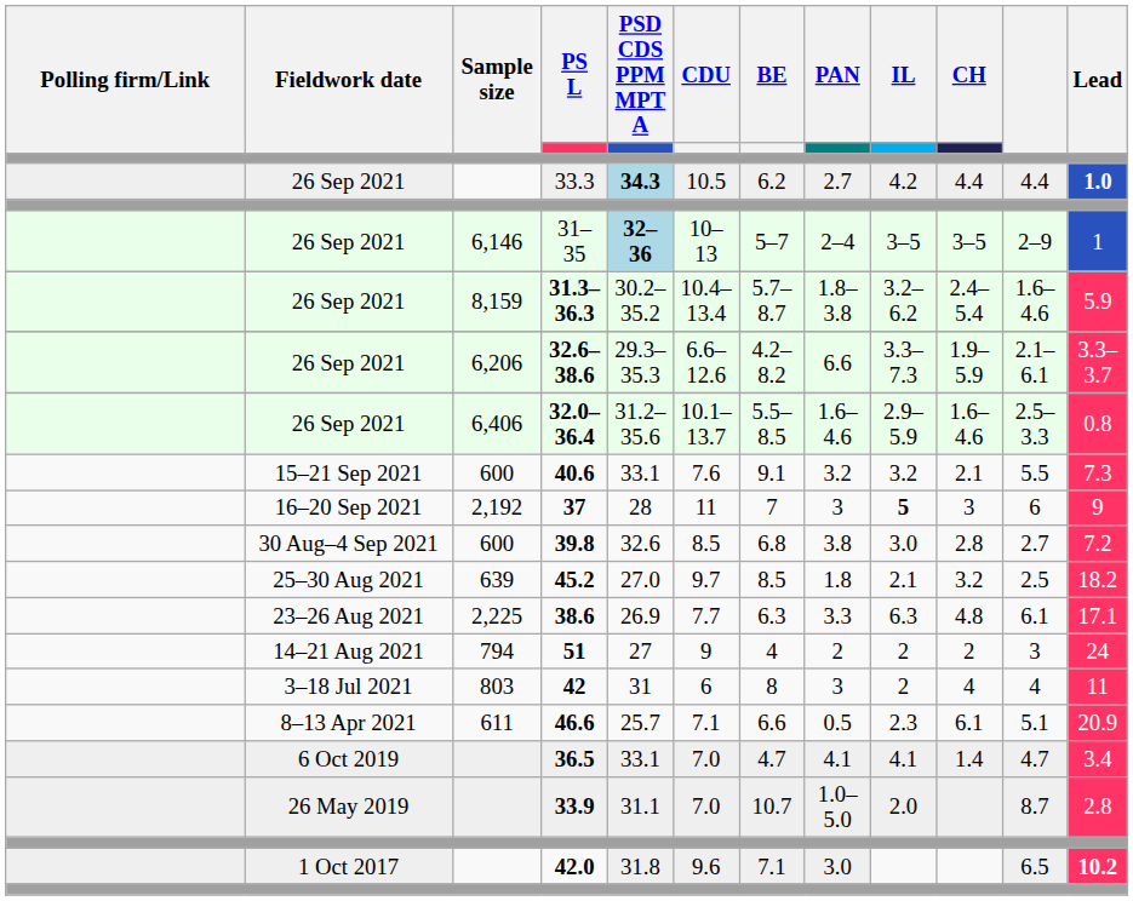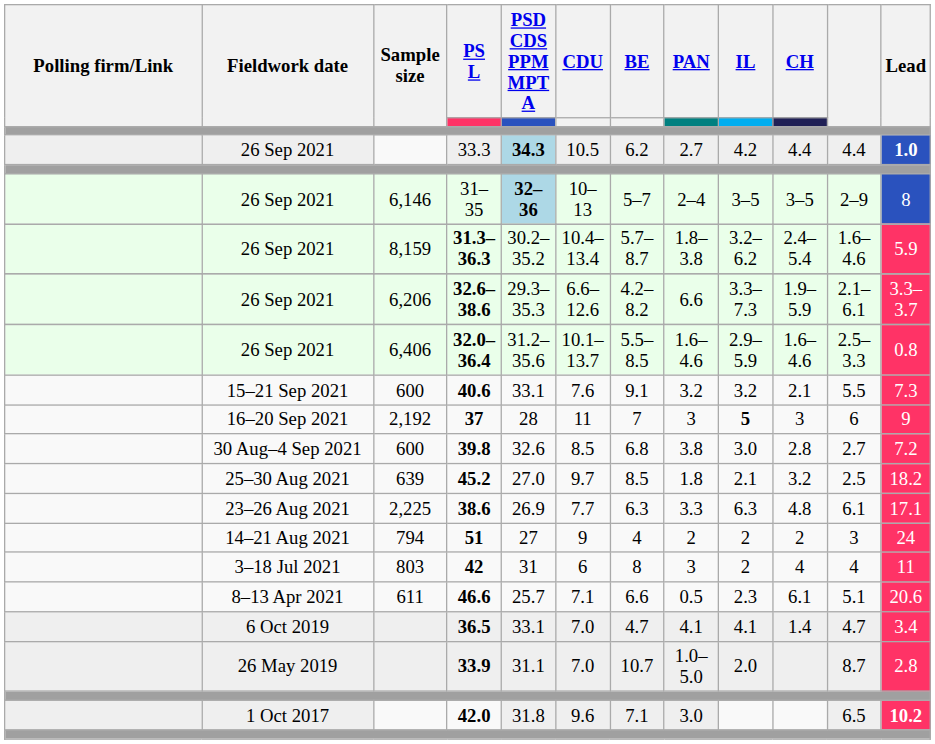 <table class="wikitable sortable mw-datatable" style="text-align:center;font-size:90%;line-height:16px;">
 <tr style="height:42px;">
 <th style="width:145px;" rowspan="2">Polling firm/Link</th>
 <th style="width:125px;" rowspan="2">Fieldwork date</th>
 <th class="unsortable" style="width:50px;" rowspan="2">Sample size</th>
 <th class="unsortable" style="width:35px;"><a href='#'>PS</a><br><a href='#'>L</a></th>
 <th class="unsortable" style="width:35px;"><a href='#'>PSD</a><br><a href='#'>CDS</a><br><a href='#'>PPM</a><br><a href='#'>MPT</a><br><a href='#'>A</a></th>
 <th class="unsortable" style="width:35px;"><a href='#'>CDU</a></th>
 <th class="unsortable" style="width:35px;"><a href='#'>BE</a></th>
 <th class="unsortable" style="width:35px;"><a href='#'>PAN</a></th>
 <th class="unsortable" style="width:35px;"><a href='#'>IL</a></th>
 <th class="unsortable" style="width:35px;"><a href='#'>CH</a></th>
 <th class="unsortable" style="width:35px;" rowspan="2"></th>
 <th class="unsortable" style="width:30px;" rowspan="2">Lead</th>
 </tr>
 <tr>
 <th class="unsortable" style="color:inherit;background:#FF3366;"></th>
 <th class="unsortable" style="color:inherit;background:#2A52BE;"></th>
 <th class="unsortable" style="color:inherit;background:"></th>
 <th class="unsortable" style="color:inherit;background:"></th>
 <th class="sortable" style="background:teal;"></th>
 <th class="sortable" style="background:#00ADEF;"></th>
 <th class="sortable" style="background:#202056;"></th>
 </tr>
 <tr>
 <td colspan="12" style="background:#A0A0A0"></td>
 </tr>
 <tr>
 <td style="background:#EFEFEF;"><strong></strong></td>
 <td style="background:#EFEFEF;" data-sort-value="2019-10-06">26 Sep 2021</td>
 <td></td>
 <td style="background:#EFEFEF;">33.3<br></td>
 <td style="background:lightblue;"><strong>34.3</strong><br></td>
 <td style="background:#EFEFEF;">10.5<br></td>
 <td style="background:#EFEFEF;">6.2<br></td>
 <td style="background:#EFEFEF;">2.7<br></td>
 <td style="background:#EFEFEF;">4.2<br></td>
 <td style="background:#EFEFEF;">4.4<br></td>
 <td style="background:#EFEFEF;">4.4<br></td>
 <td style="background:#2A52BE; color:white;"><strong>1.0</strong></td>
 </tr>
 <tr>
 <td colspan="12" style="background:#A0A0A0"></td>
 </tr>
 <tr>
 </tr>
 <tr style="background:#EAFFEA"|>
 <td></td>
 <td data-sort-value="2019-10-06">26 Sep 2021</td>
 <td>6,146</td>
 <td>31–35<br></td>
 <td style="background:lightblue;"><strong>32–36</strong><br></td>
 <td>10–13<br></td>
 <td>5–7<br></td>
 <td>2–4<br></td>
 <td>3–5<br></td>
 <td>3–5<br></td>
 <td>2–9<br></td>
-<td style="background:#2A52BE; color:white;">1</td>
+<td style="background:#2A52BE; color:white;">8</td>
 </tr>
 <tr>
 </tr>
 <tr style="background:#EAFFEA"|>
 <td></td>
 <td data-sort-value="2019-10-06">26 Sep 2021</td>
 <td>8,159</td>
 <td><strong>31.3–<br>36.3</strong><br></td>
 <td>30.2–<br>35.2<br></td>
 <td>10.4–<br>13.4<br></td>
 <td>5.7–<br>8.7<br></td>
 <td>1.8–<br>3.8<br></td>
 <td>3.2–<br>6.2<br></td>
 <td>2.4–<br>5.4<br></td>
 <td>1.6–<br>4.6<br></td>
 <td style="background:#FF3366; color:white;">5.9</td>
 </tr>
 <tr>
 </tr>
 <tr style="background:#EAFFEA"|>
 <td></td>
 <td data-sort-value="2019-10-06">26 Sep 2021</td>
 <td>6,206</td>
 <td><strong>32.6–<br>38.6</strong><br></td>
 <td>29.3–<br>35.3<br></td>
 <td>6.6–<br>12.6<br></td>
 <td>4.2–<br>8.2<br></td>
 <td>6.6<br></td>
 <td>3.3–<br>7.3<br></td>
 <td>1.9–<br>5.9<br></td>
 <td>2.1–<br>6.1<br></td>
 <td style="background:#FF3366; color:white;">3.3–<br>3.7</td>
 </tr>
 <tr>
 </tr>
 <tr style="background:#EAFFEA"|>
 <td></td>
 <td data-sort-value="2019-10-06">26 Sep 2021</td>
 <td>6,406</td>
 <td><strong>32.0–<br>36.4</strong><br></td>
 <td>31.2–<br>35.6<br></td>
 <td>10.1–<br>13.7<br></td>
 <td>5.5–<br>8.5<br></td>
 <td>1.6–<br>4.6<br></td>
 <td>2.9–<br>5.9<br></td>
 <td>1.6–<br>4.6<br></td>
 <td>2.5–<br>3.3<br></td>
 <td style="background:#FF3366; color:white;">0.8</td>
 </tr>
 <tr>
 <td align="center"><br></td>
 <td align="center">15–21 Sep 2021</td>
 <td>600</td>
 <td align="center" ><strong>40.6</strong><br></td>
 <td align="center">33.1<br></td>
 <td align="center">7.6<br></td>
 <td>9.1<br></td>
 <td align="center">3.2<br></td>
 <td align="center">3.2<br></td>
 <td align="center">2.1<br></td>
 <td align="center">5.5<br></td>
 <td style="background:#FF3366; color:white;">7.3</td>
 </tr>
 <tr>
 <td align="center"><br></td>
 <td align="center">16–20 Sep 2021</td>
 <td>2,192</td>
 <td align="center" ><strong>37</strong><br></td>
 <td align="center">28<br></td>
 <td align="center">11<br></td>
 <td align="center">7<br></td>
 <td align="center">3<br></td>
 <td align="center"><strong>5<br></strong></td>
 <td align="center">3<br></td>
 <td align="center">6<br></td>
 <td style="background:#FF3366; color:white;">9</td>
 </tr>
 <tr>
 <td align="center"><br></td>
 <td align="center">30 Aug–4 Sep 2021</td>
 <td>600</td>
 <td align="center" ><strong>39.8</strong><br></td>
 <td align="center">32.6<br></td>
 <td align="center">8.5<br></td>
 <td align="center">6.8<br></td>
 <td align="center">3.8<br></td>
 <td align="center">3.0<br></td>
 <td align="center">2.8<br></td>
 <td align="center">2.7<br></td>
 <td style="background:#FF3366; color:white;">7.2</td>
 </tr>
 <tr>
 <td align="center"><br></td>
 <td align="center">25–30 Aug 2021</td>
 <td>639</td>
 <td align="center" ><strong>45.2</strong><br></td>
 <td align="center">27.0<br></td>
 <td align="center">9.7<br></td>
 <td align="center">8.5<br></td>
 <td align="center">1.8<br></td>
 <td align="center">2.1<br></td>
 <td align="center">3.2<br></td>
 <td align="center">2.5<br></td>
 <td style="background:#FF3366; color:white;">18.2</td>
 </tr>
 <tr>
 <td align="center"><br></td>
 <td align="center">23–26 Aug 2021</td>
 <td>2,225</td>
 <td align="center" ><strong>38.6</strong><br></td>
 <td align="center">26.9<br></td>
 <td align="center">7.7<br></td>
 <td align="center">6.3<br></td>
 <td align="center">3.3<br></td>
 <td align="center">6.3<br></td>
 <td align="center">4.8<br></td>
 <td align="center">6.1<br></td>
 <td style="background:#FF3366; color:white;">17.1</td>
 </tr>
 <tr>
 <td align="center"></td>
 <td align="center">14–21 Aug 2021</td>
 <td>794</td>
 <td align="center" ><strong>51</strong></td>
 <td align="center">27</td>
 <td align="center">9</td>
 <td align="center">4</td>
 <td align="center">2</td>
 <td align="center">2</td>
 <td align="center">2</td>
 <td align="center">3</td>
 <td style="background:#FF3366; color:white;">24</td>
 </tr>
 <tr>
 <td align="center"></td>
 <td align="center">3–18 Jul 2021</td>
 <td>803</td>
 <td align="center" ><strong>42</strong></td>
 <td align="center">31</td>
 <td align="center">6</td>
 <td align="center">8</td>
 <td align="center">3</td>
 <td align="center">2</td>
 <td align="center">4</td>
 <td align="center">4</td>
 <td style="background:#FF3366; color:white;">11</td>
 </tr>
 <tr>
 <td align="center"></td>
 <td align="center">8–13 Apr 2021</td>
 <td>611</td>
 <td align="center" ><strong>46.6</strong></td>
 <td align="center">25.7</td>
 <td align="center">7.1</td>
 <td align="center">6.6</td>
 <td align="center">0.5</td>
 <td align="center">2.3</td>
 <td align="center">6.1</td>
 <td align="center">5.1</td>
-<td style="background:#FF3366; color:white;">20.9</td>
+<td style="background:#FF3366; color:white;">20.6</td>
 </tr>
 <tr style="background:#EFEFEF;">
 <td><strong></strong></td>
 <td>6 Oct 2019</td>
 <td></td>
 <td align="center" ><strong>36.5</strong><br></td>
 <td>33.1<br></td>
 <td>7.0<br></td>
 <td align="center">4.7<br></td>
 <td>4.1<br></td>
 <td>4.1<br></td>
 <td>1.4<br></td>
 <td>4.7<br></td>
 <td style="background:#FF3366; color:white;">3.4</td>
 </tr>
 <tr style="background:#EFEFEF;">
 <td><strong></strong></td>
 <td>26 May 2019</td>
 <td></td>
 <td align="center" ><strong>33.9</strong><br></td>
 <td>31.1<br></td>
 <td>7.0<br></td>
 <td>10.7<br></td>
 <td>1.0–<br>5.0<br></td>
 <td>2.0<br></td>
 <td></td>
 <td>8.7<br></td>
 <td style="background:#FF3366; color:white;">2.8</td>
 </tr>
 <tr>
 <td colspan="12" style="background:#A0A0A0"></td>
 </tr>
 <tr>
 <td style="background:#EFEFEF;"><strong></strong></td>
 <td style="background:#EFEFEF;" data-sort-value="2019-10-06">1 Oct 2017</td>
 <td></td>
 <td><strong>42.0</strong><br></td>
 <td style="background:#EFEFEF;">31.8<br></td>
 <td style="background:#EFEFEF;">9.6<br></td>
 <td style="background:#EFEFEF;">7.1<br></td>
 <td style="background:#EFEFEF;">3.0<br></td>
 <td></td>
 <td></td>
 <td style="background:#EFEFEF;">6.5<br></td>
 <td style="background:#FF3366; color:white;"><strong>10.2</strong></td>
 </tr>
 <tr>
 <td colspan="12" style="background:#A0A0A0"></td>
 </tr>
 </table>
